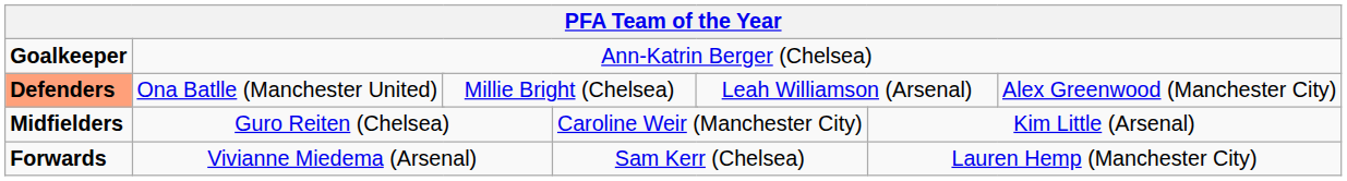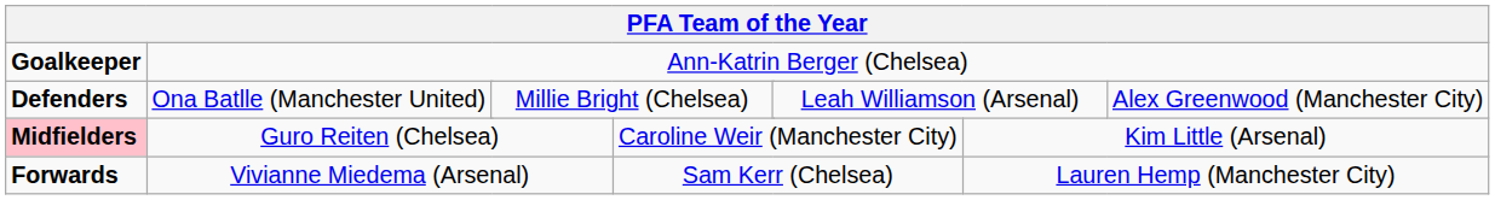 <table class="wikitable">
 <tr>
 <th colspan="13"><a href='#'>PFA Team of the Year</a></th>
 </tr>
 <tr>
 <td><strong>Goalkeeper</strong></td>
 <td colspan="12" align="center"> <a href='#'>Ann-Katrin Berger</a> (Chelsea)</td>
 </tr>
 <tr>
-<td style="background: lightsalmon;"><strong>Defenders</strong></td>
+<td><strong>Defenders</strong></td>
 <td colspan="3" align="center"> <a href='#'>Ona Batlle</a> (Manchester United)</td>
 <td colspan="3" align="center"> <a href='#'>Millie Bright</a> (Chelsea)</td>
 <td colspan="3" align="center"> <a href='#'>Leah Williamson</a> (Arsenal)</td>
 <td colspan="3" align="center"> <a href='#'>Alex Greenwood</a> (Manchester City)</td>
 </tr>
 <tr>
-<td><strong>Midfielders</strong></td>
+<td style="background: pink;"><strong>Midfielders</strong></td>
 <td colspan="4" align="center"> <a href='#'>Guro Reiten</a> (Chelsea)</td>
 <td colspan="4" align="center"> <a href='#'>Caroline Weir</a> (Manchester City)</td>
 <td colspan="4" align="center"> <a href='#'>Kim Little</a> (Arsenal)</td>
 </tr>
 <tr>
 <td><strong>Forwards</strong></td>
 <td colspan="4" align="center"> <a href='#'>Vivianne Miedema</a> (Arsenal)</td>
 <td colspan="4" align="center"> <a href='#'>Sam Kerr</a> (Chelsea)</td>
 <td colspan="4" align="center"> <a href='#'>Lauren Hemp</a> (Manchester City)</td>
 </tr>
 </table>
